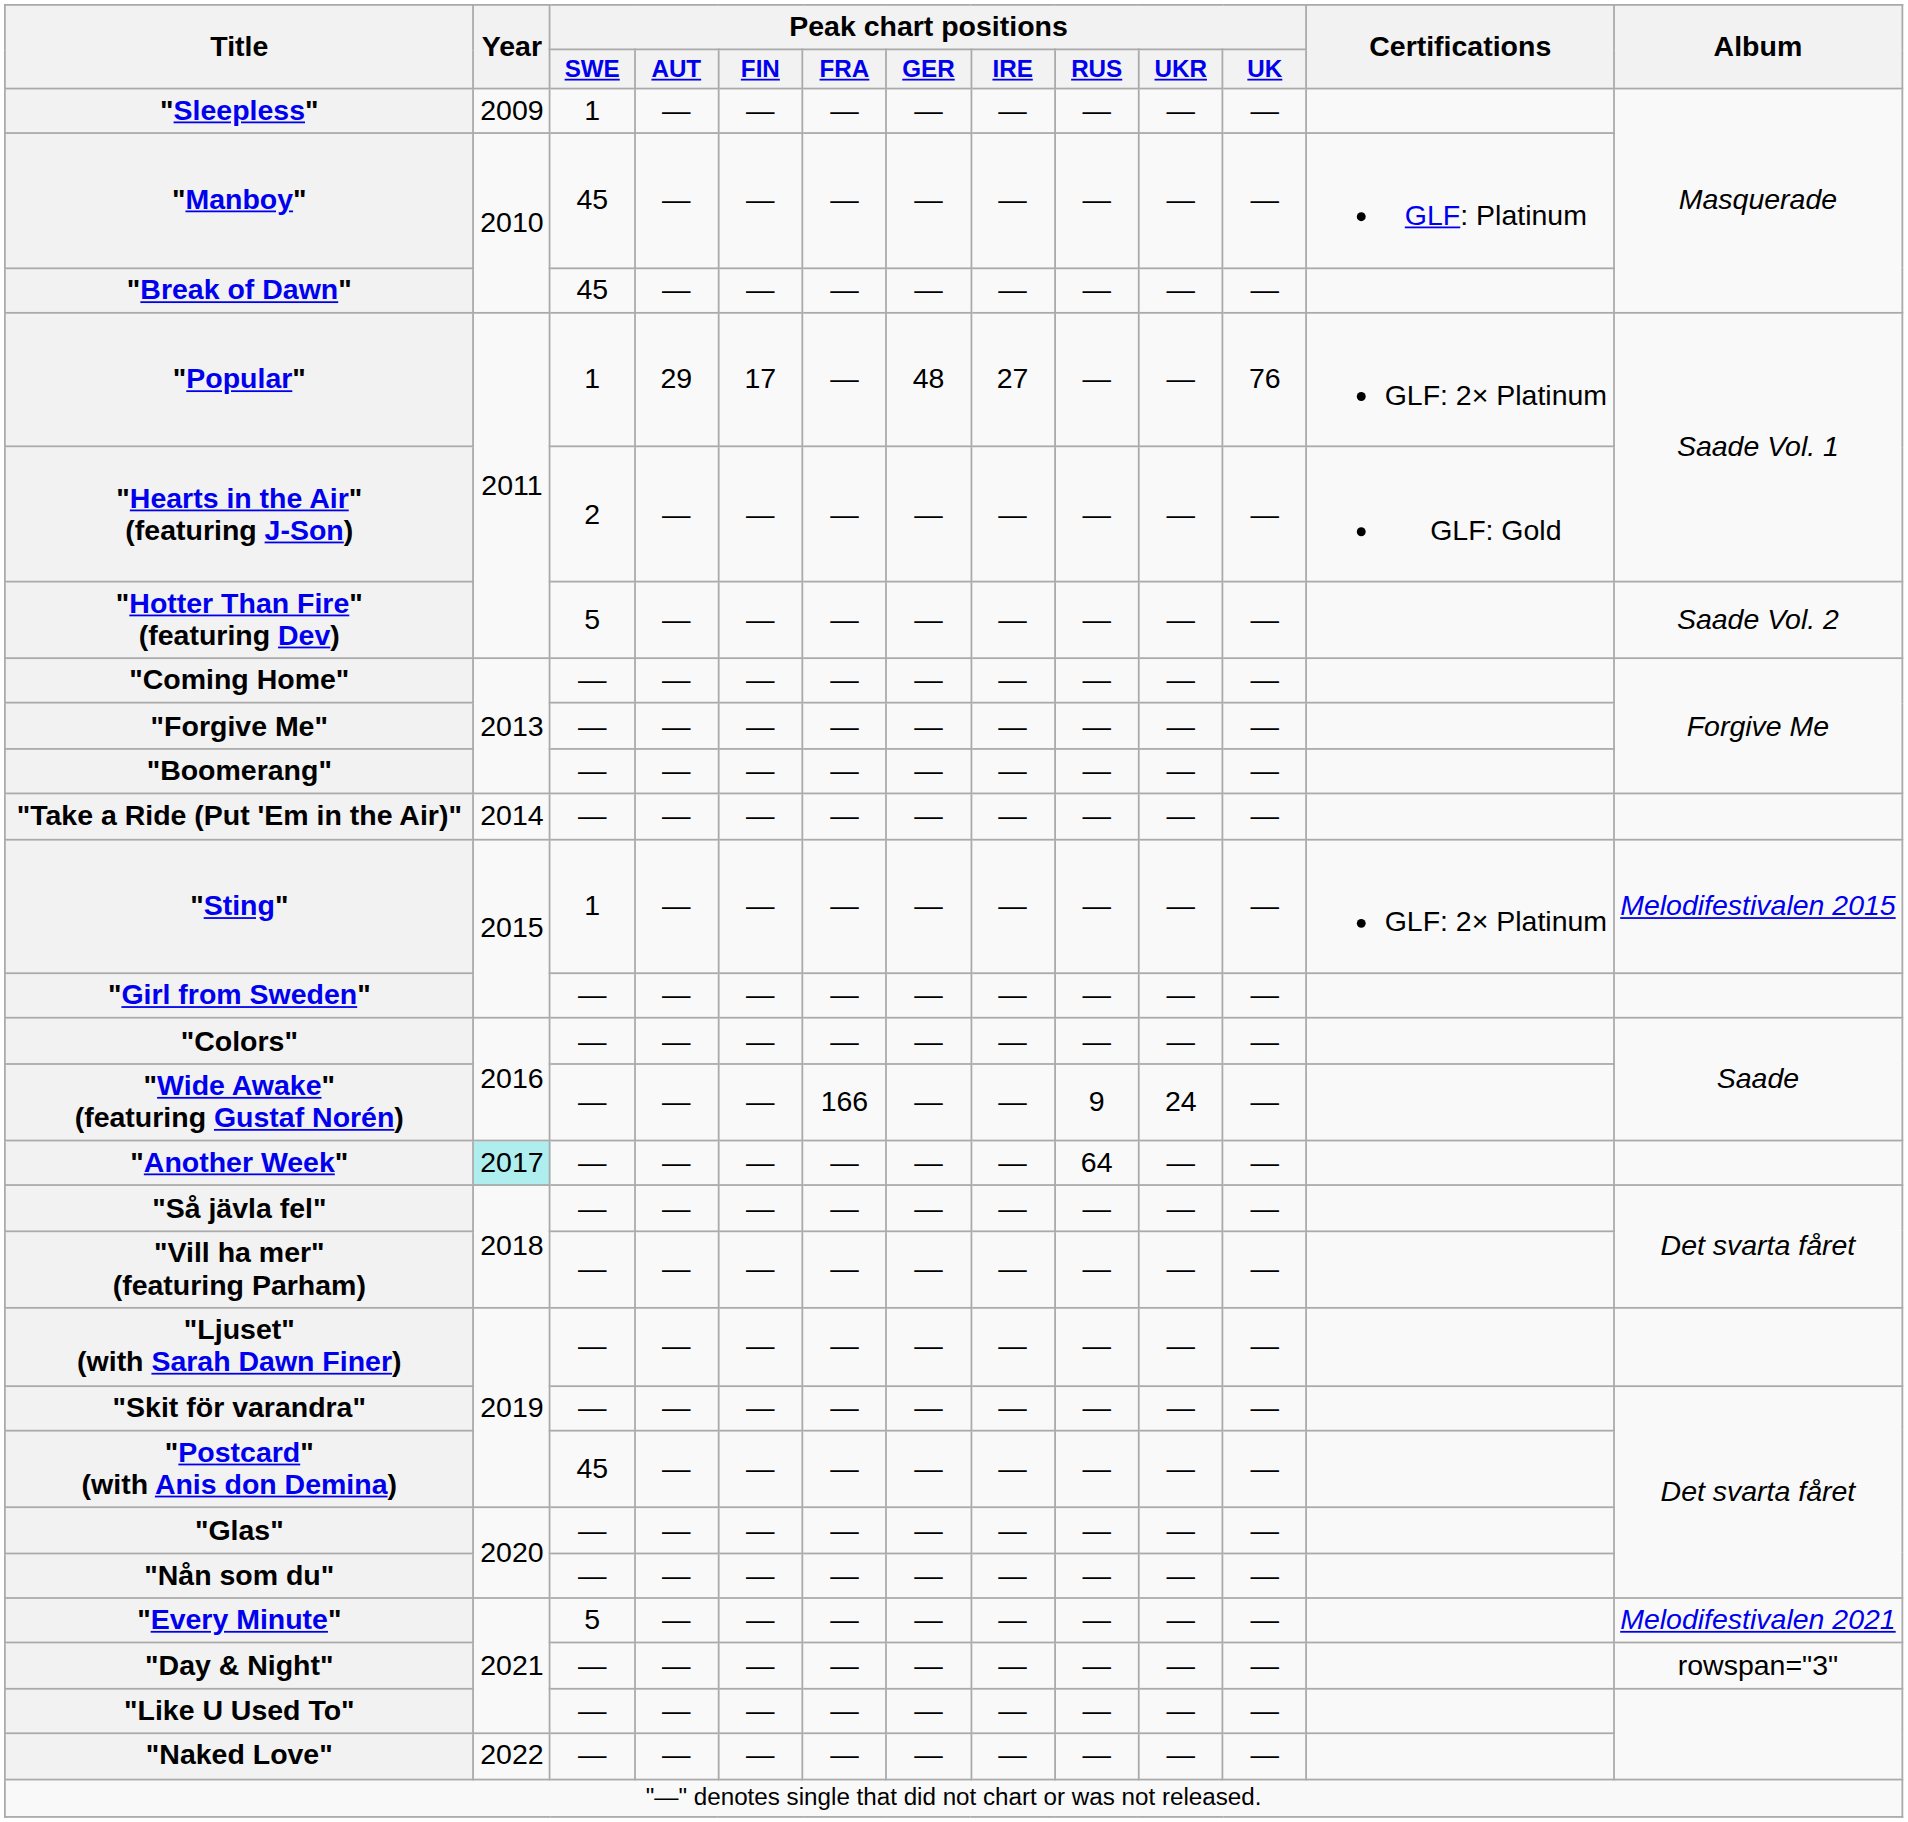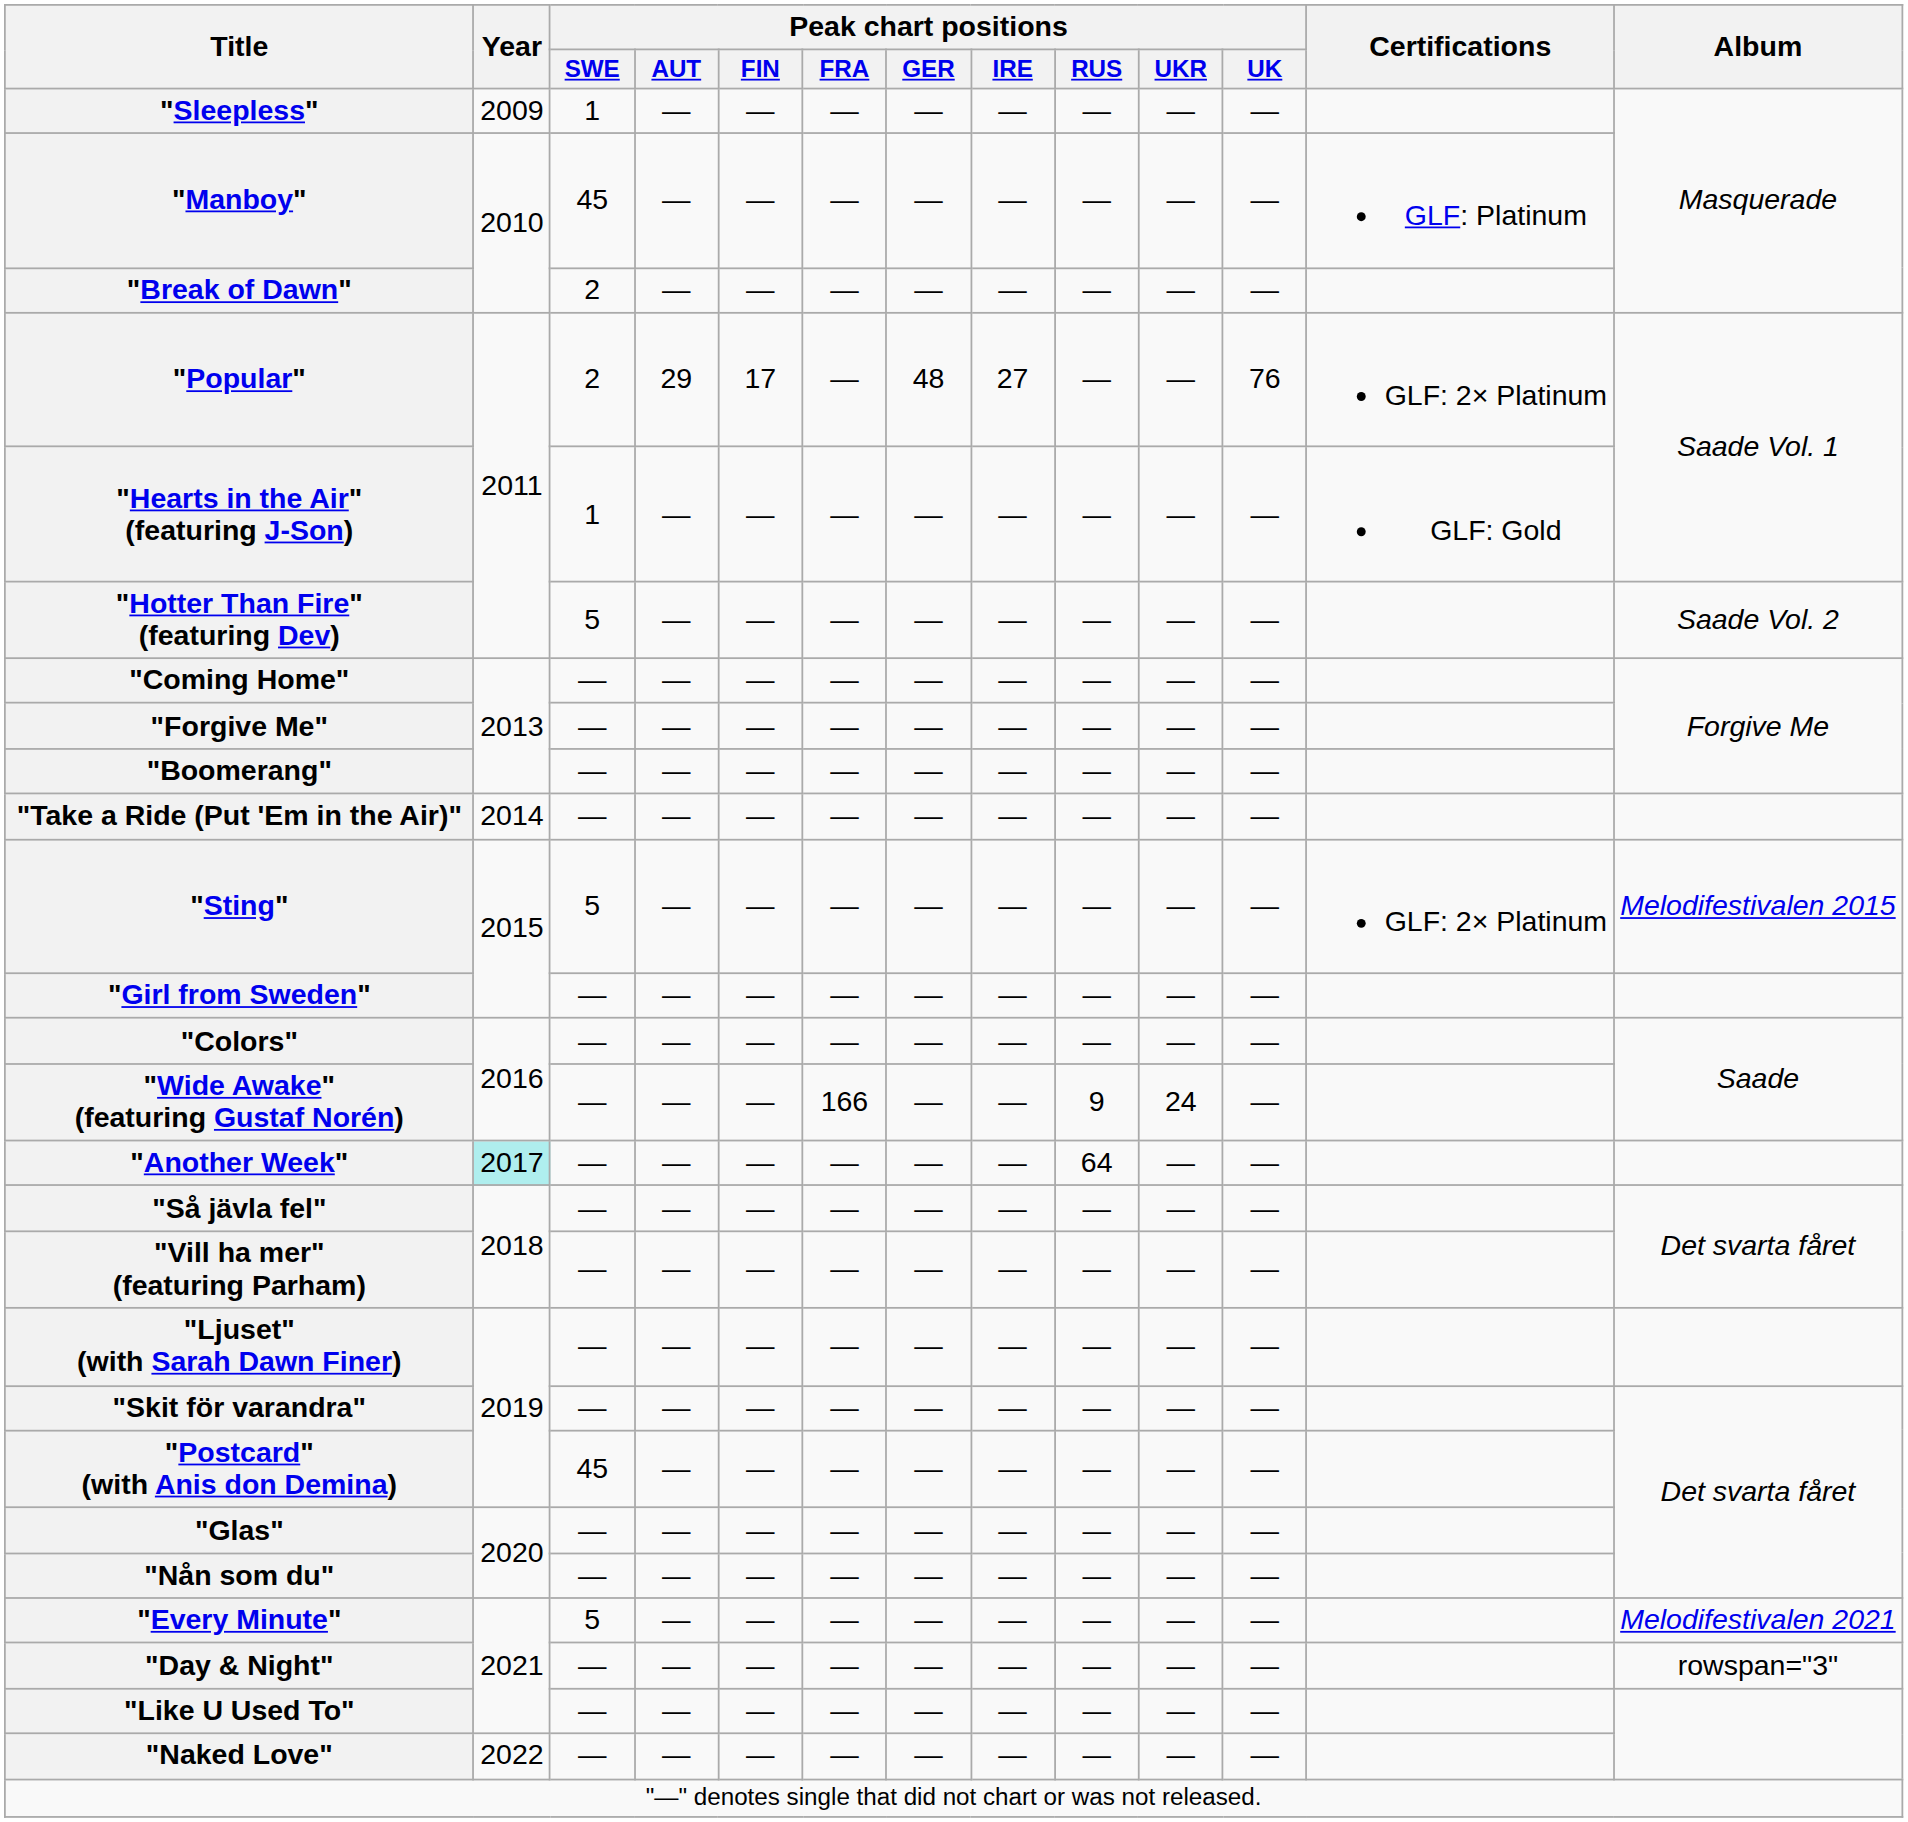 <table class="wikitable plainrowheaders" style="text-align:center;">
 <tr>
 <th scope="col" rowspan="2" style="width:16em;">Title</th>
 <th scope="col" rowspan="2" style="width:1em;">Year</th>
 <th scope="col" colspan="9">Peak chart positions</th>
 <th scope="col" rowspan="2">Certifications</th>
 <th scope="col" rowspan="2">Album</th>
 </tr>
 <tr>
 <th scope="col" style="width:3em;font-size:85%;"><a href='#'>SWE</a><br></th>
 <th scope="col" style="width:3em;font-size:85%;"><a href='#'>AUT</a><br></th>
 <th scope="col" style="width:3em;font-size:85%;"><a href='#'>FIN</a><br></th>
 <th scope="col" style="width:3em;font-size:85%;"><a href='#'>FRA</a><br></th>
 <th scope="col" style="width:3em;font-size:85%;"><a href='#'>GER</a><br></th>
 <th scope="col" style="width:3em;font-size:85%;"><a href='#'>IRE</a><br></th>
 <th scope="col" style="width:3em;font-size:85%;"><a href='#'>RUS</a><br></th>
 <th scope="col" style="width:3em;font-size:85%;"><a href='#'>UKR</a><br></th>
 <th scope="col" style="width:3em;font-size:85%;"><a href='#'>UK</a><br></th>
 </tr>
 <tr>
 <th scope="row">"<a href='#'>Sleepless</a>"</th>
 <td>2009</td>
 <td>1</td>
 <td>—</td>
 <td>—</td>
 <td>—</td>
 <td>—</td>
 <td>—</td>
 <td>—</td>
 <td>—</td>
 <td>—</td>
 <td></td>
 <td rowspan="3"><em>Masquerade</em></td>
 </tr>
 <tr>
 <th scope="row">"<a href='#'>Manboy</a>"</th>
 <td rowspan="2">2010</td>
 <td>45</td>
 <td>—</td>
 <td>—</td>
 <td>—</td>
 <td>—</td>
 <td>—</td>
 <td>—</td>
 <td>—</td>
 <td>—</td>
 <td><br><ul><li><a href='#'>GLF</a>: Platinum</li></ul></td>
 </tr>
 <tr>
 <th scope="row">"<a href='#'>Break of Dawn</a>"</th>
-<td>45</td>
+<td>2</td>
 <td>—</td>
 <td>—</td>
 <td>—</td>
 <td>—</td>
 <td>—</td>
 <td>—</td>
 <td>—</td>
 <td>—</td>
 <td></td>
 </tr>
 <tr>
 <th scope="row">"<a href='#'>Popular</a>"</th>
 <td rowspan="3">2011</td>
-<td>1</td>
+<td>2</td>
 <td>29</td>
 <td>17</td>
 <td>—</td>
 <td>48</td>
 <td>27</td>
 <td>—</td>
 <td>—</td>
 <td>76</td>
 <td><br><ul><li>GLF: 2× Platinum</li></ul></td>
 <td rowspan="2"><em>Saade Vol. 1</em></td>
 </tr>
 <tr>
 <th scope="row">"<a href='#'>Hearts in the Air</a>"<br><span>(featuring <a href='#'>J-Son</a>)</span></th>
-<td>2</td>
+<td>1</td>
 <td>—</td>
 <td>—</td>
 <td>—</td>
 <td>—</td>
 <td>—</td>
 <td>—</td>
 <td>—</td>
 <td>—</td>
 <td><br><ul><li>GLF: Gold</li></ul></td>
 </tr>
 <tr>
 <th scope="row">"<a href='#'>Hotter Than Fire</a>"<br><span>(featuring <a href='#'>Dev</a>)</span></th>
 <td>5</td>
 <td>—</td>
 <td>—</td>
 <td>—</td>
 <td>—</td>
 <td>—</td>
 <td>—</td>
 <td>—</td>
 <td>—</td>
 <td></td>
 <td><em>Saade Vol. 2</em></td>
 </tr>
 <tr>
 <th scope="row">"Coming Home"</th>
 <td rowspan="3">2013</td>
 <td>—</td>
 <td>—</td>
 <td>—</td>
 <td>—</td>
 <td>—</td>
 <td>—</td>
 <td>—</td>
 <td>—</td>
 <td>—</td>
 <td></td>
 <td rowspan="3"><em>Forgive Me</em></td>
 </tr>
 <tr>
 <th scope="row">"Forgive Me"</th>
 <td>—</td>
 <td>—</td>
 <td>—</td>
 <td>—</td>
 <td>—</td>
 <td>—</td>
 <td>—</td>
 <td>—</td>
 <td>—</td>
 <td></td>
 </tr>
 <tr>
 <th scope="row">"Boomerang"</th>
 <td>—</td>
 <td>—</td>
 <td>—</td>
 <td>—</td>
 <td>—</td>
 <td>—</td>
 <td>—</td>
 <td>—</td>
 <td>—</td>
 <td></td>
 </tr>
 <tr>
 <th scope="row">"Take a Ride (Put 'Em in the Air)"</th>
 <td>2014</td>
 <td>—</td>
 <td>—</td>
 <td>—</td>
 <td>—</td>
 <td>—</td>
 <td>—</td>
 <td>—</td>
 <td>—</td>
 <td>—</td>
 <td></td>
 <td></td>
 </tr>
 <tr>
 <th scope="row">"<a href='#'>Sting</a>"</th>
 <td rowspan="2">2015</td>
-<td>1</td>
+<td>5</td>
 <td>—</td>
 <td>—</td>
 <td>—</td>
 <td>—</td>
 <td>—</td>
 <td>—</td>
 <td>—</td>
 <td>—</td>
 <td><br><ul><li>GLF: 2× Platinum</li></ul></td>
 <td><em><a href='#'>Melodifestivalen 2015</a></em></td>
 </tr>
 <tr>
 <th scope="row">"<a href='#'>Girl from Sweden</a>"</th>
 <td>—</td>
 <td>—</td>
 <td>—</td>
 <td>—</td>
 <td>—</td>
 <td>—</td>
 <td>—</td>
 <td>—</td>
 <td>—</td>
 <td></td>
 <td></td>
 </tr>
 <tr>
 <th scope="row">"Colors"</th>
 <td rowspan="2">2016</td>
 <td>—</td>
 <td>—</td>
 <td>—</td>
 <td>—</td>
 <td>—</td>
 <td>—</td>
 <td>—</td>
 <td>—</td>
 <td>—</td>
 <td></td>
 <td rowspan="2"><em>Saade</em></td>
 </tr>
 <tr>
 <th scope="row">"<a href='#'>Wide Awake</a>"<br><span>(featuring <a href='#'>Gustaf Norén</a>)</span></th>
 <td>—</td>
 <td>—</td>
 <td>—</td>
 <td>166</td>
 <td>—</td>
 <td>—</td>
 <td>9</td>
 <td>24</td>
 <td>—</td>
 <td></td>
 </tr>
 <tr>
 <th scope="row">"<a href='#'>Another Week</a>"</th>
 <td style="background: paleturquoise;">2017</td>
 <td>—</td>
 <td>—</td>
 <td>—</td>
 <td>—</td>
 <td>—</td>
 <td>—</td>
 <td>64</td>
 <td>—</td>
 <td>—</td>
 <td></td>
 <td></td>
 </tr>
 <tr>
 <th scope="row">"Så jävla fel"</th>
 <td rowspan="2">2018</td>
 <td>—</td>
 <td>—</td>
 <td>—</td>
 <td>—</td>
 <td>—</td>
 <td>—</td>
 <td>—</td>
 <td>—</td>
 <td>—</td>
 <td></td>
 <td rowspan="2"><em>Det svarta fåret</em></td>
 </tr>
 <tr>
 <th scope="row">"Vill ha mer"<br><span>(featuring Parham)</span></th>
 <td>—</td>
 <td>—</td>
 <td>—</td>
 <td>—</td>
 <td>—</td>
 <td>—</td>
 <td>—</td>
 <td>—</td>
 <td>—</td>
 <td></td>
 </tr>
 <tr>
 <th scope="row">"Ljuset"<br><span>(with <a href='#'>Sarah Dawn Finer</a>)</span></th>
 <td rowspan="3">2019</td>
 <td>—</td>
 <td>—</td>
 <td>—</td>
 <td>—</td>
 <td>—</td>
 <td>—</td>
 <td>—</td>
 <td>—</td>
 <td>—</td>
 <td></td>
 <td></td>
 </tr>
 <tr>
 <th scope="row">"Skit för varandra"</th>
 <td>—</td>
 <td>—</td>
 <td>—</td>
 <td>—</td>
 <td>—</td>
 <td>—</td>
 <td>—</td>
 <td>—</td>
 <td>—</td>
 <td></td>
 <td rowspan="4"><em>Det svarta fåret</em></td>
 </tr>
 <tr>
 <th scope="row">"<a href='#'>Postcard</a>"<br><span>(with <a href='#'>Anis don Demina</a>)</span></th>
 <td>45</td>
 <td>—</td>
 <td>—</td>
 <td>—</td>
 <td>—</td>
 <td>—</td>
 <td>—</td>
 <td>—</td>
 <td>—</td>
 <td></td>
 </tr>
 <tr>
 <th scope="row">"Glas"</th>
 <td rowspan="2">2020</td>
 <td>—</td>
 <td>—</td>
 <td>—</td>
 <td>—</td>
 <td>—</td>
 <td>—</td>
 <td>—</td>
 <td>—</td>
 <td>—</td>
 <td></td>
 </tr>
 <tr>
 <th scope="row">"Nån som du"</th>
 <td>—</td>
 <td>—</td>
 <td>—</td>
 <td>—</td>
 <td>—</td>
 <td>—</td>
 <td>—</td>
 <td>—</td>
 <td>—</td>
 <td></td>
 </tr>
 <tr>
 <th scope="row">"<a href='#'>Every Minute</a>"</th>
 <td rowspan="3">2021</td>
 <td>5</td>
 <td>—</td>
 <td>—</td>
 <td>—</td>
 <td>—</td>
 <td>—</td>
 <td>—</td>
 <td>—</td>
 <td>—</td>
 <td></td>
 <td><em><a href='#'>Melodifestivalen 2021</a></em></td>
 </tr>
 <tr>
 <th scope="row">"Day & Night"</th>
 <td>—</td>
 <td>—</td>
 <td>—</td>
 <td>—</td>
 <td>—</td>
 <td>—</td>
 <td>—</td>
 <td>—</td>
 <td>—</td>
 <td></td>
 <td>rowspan="3" </td>
 </tr>
 <tr>
 <th scope="row">"Like U Used To"</th>
 <td>—</td>
 <td>—</td>
 <td>—</td>
 <td>—</td>
 <td>—</td>
 <td>—</td>
 <td>—</td>
 <td>—</td>
 <td>—</td>
 <td></td>
 </tr>
 <tr>
 <th scope="row">"Naked Love"</th>
 <td>2022</td>
 <td>—</td>
 <td>—</td>
 <td>—</td>
 <td>—</td>
 <td>—</td>
 <td>—</td>
 <td>—</td>
 <td>—</td>
 <td>—</td>
 <td></td>
 </tr>
 <tr>
 <td colspan="17" style="text-align:center; font-size:85%;">"—" denotes single that did not chart or was not released.</td>
 </tr>
 </table>
